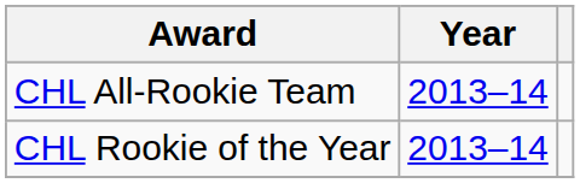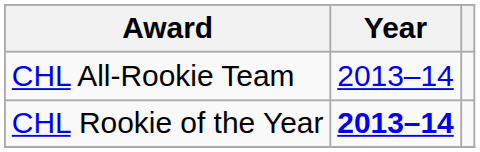 <table class="wikitable">
 <tr>
 <th>Award</th>
 <th>Year</th>
 <th></th>
 </tr>
 <tr>
 <td><a href='#'>CHL</a> All-Rookie Team</td>
 <td><a href='#'>2013–14</a></td>
 <td></td>
 </tr>
 <tr>
 <td><a href='#'>CHL</a> Rookie of the Year</td>
-<td><a href='#'>2013–14</a></td>
+<td><strong><a href='#'>2013–14</a></strong></td>
 <td></td>
 </tr>
 <tr>
 </tr>
 </table>
